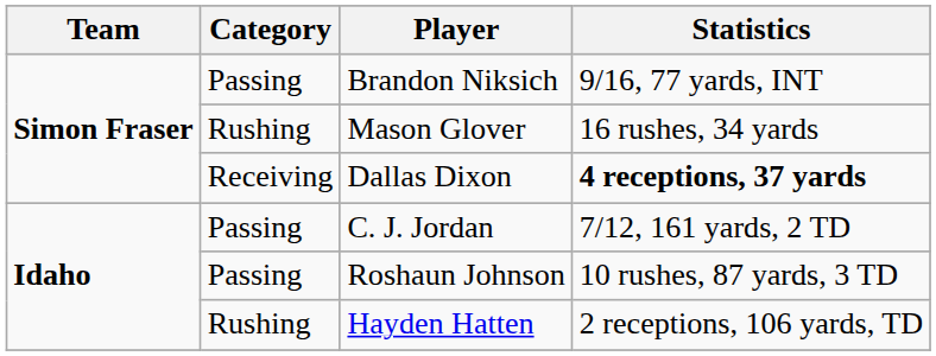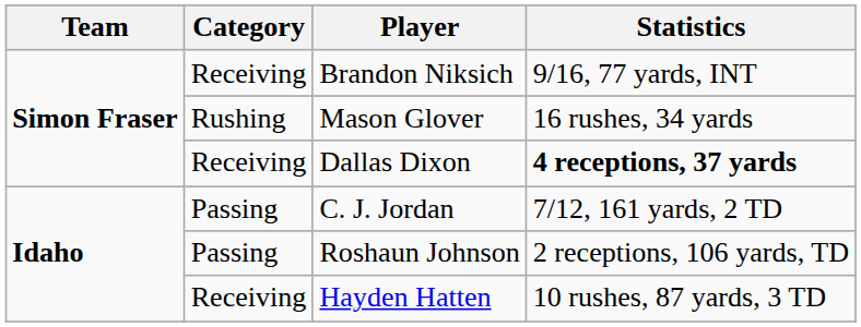 <table class="wikitable" style="float: right;">
 <tr>
 <th>Team</th>
 <th>Category</th>
 <th>Player</th>
 <th>Statistics</th>
 </tr>
 <tr>
 <td rowspan=3><strong>Simon Fraser</strong></td>
-<td>Passing</td>
+<td>Receiving</td>
 <td>Brandon Niksich</td>
 <td>9/16, 77 yards, INT</td>
 </tr>
 <tr>
 <td>Rushing</td>
 <td>Mason Glover</td>
 <td>16 rushes, 34 yards</td>
 </tr>
 <tr>
 <td>Receiving</td>
 <td>Dallas Dixon</td>
 <td><strong>4 receptions, 37 yards</strong></td>
 </tr>
 <tr>
 <td rowspan=3><strong>Idaho</strong></td>
 <td>Passing</td>
 <td>C. J. Jordan</td>
 <td>7/12, 161 yards, 2 TD</td>
 </tr>
 <tr>
 <td>Passing</td>
 <td>Roshaun Johnson</td>
+<td>2 receptions, 106 yards, TD</td>
+</tr>
+<tr>
+<td>Receiving</td>
+<td><a href='#'>Hayden Hatten</a></td>
 <td>10 rushes, 87 yards, 3 TD</td>
 </tr>
-<tr>
-<td>Rushing</td>
-<td><a href='#'>Hayden Hatten</a></td>
-<td>2 receptions, 106 yards, TD</td>
-</tr>
 </table>
